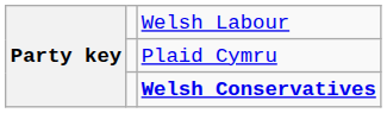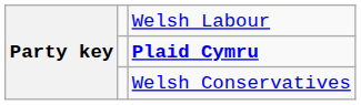 <table class=wikitable>
 <tr>
 <th rowspan=7>Party key</th>
 <td style="background: "></td>
 <td><a href='#'>Welsh Labour</a></td>
 </tr>
 <tr>
 <td style="background: "></td>
-<td><a href='#'>Plaid Cymru</a></td>
+<td><strong><a href='#'>Plaid Cymru</a></strong></td>
 </tr>
 <tr>
 <td style="background: "></td>
-<td><strong><a href='#'>Welsh Conservatives</a></strong></td>
+<td><a href='#'>Welsh Conservatives</a></td>
 </tr>
 </table>
